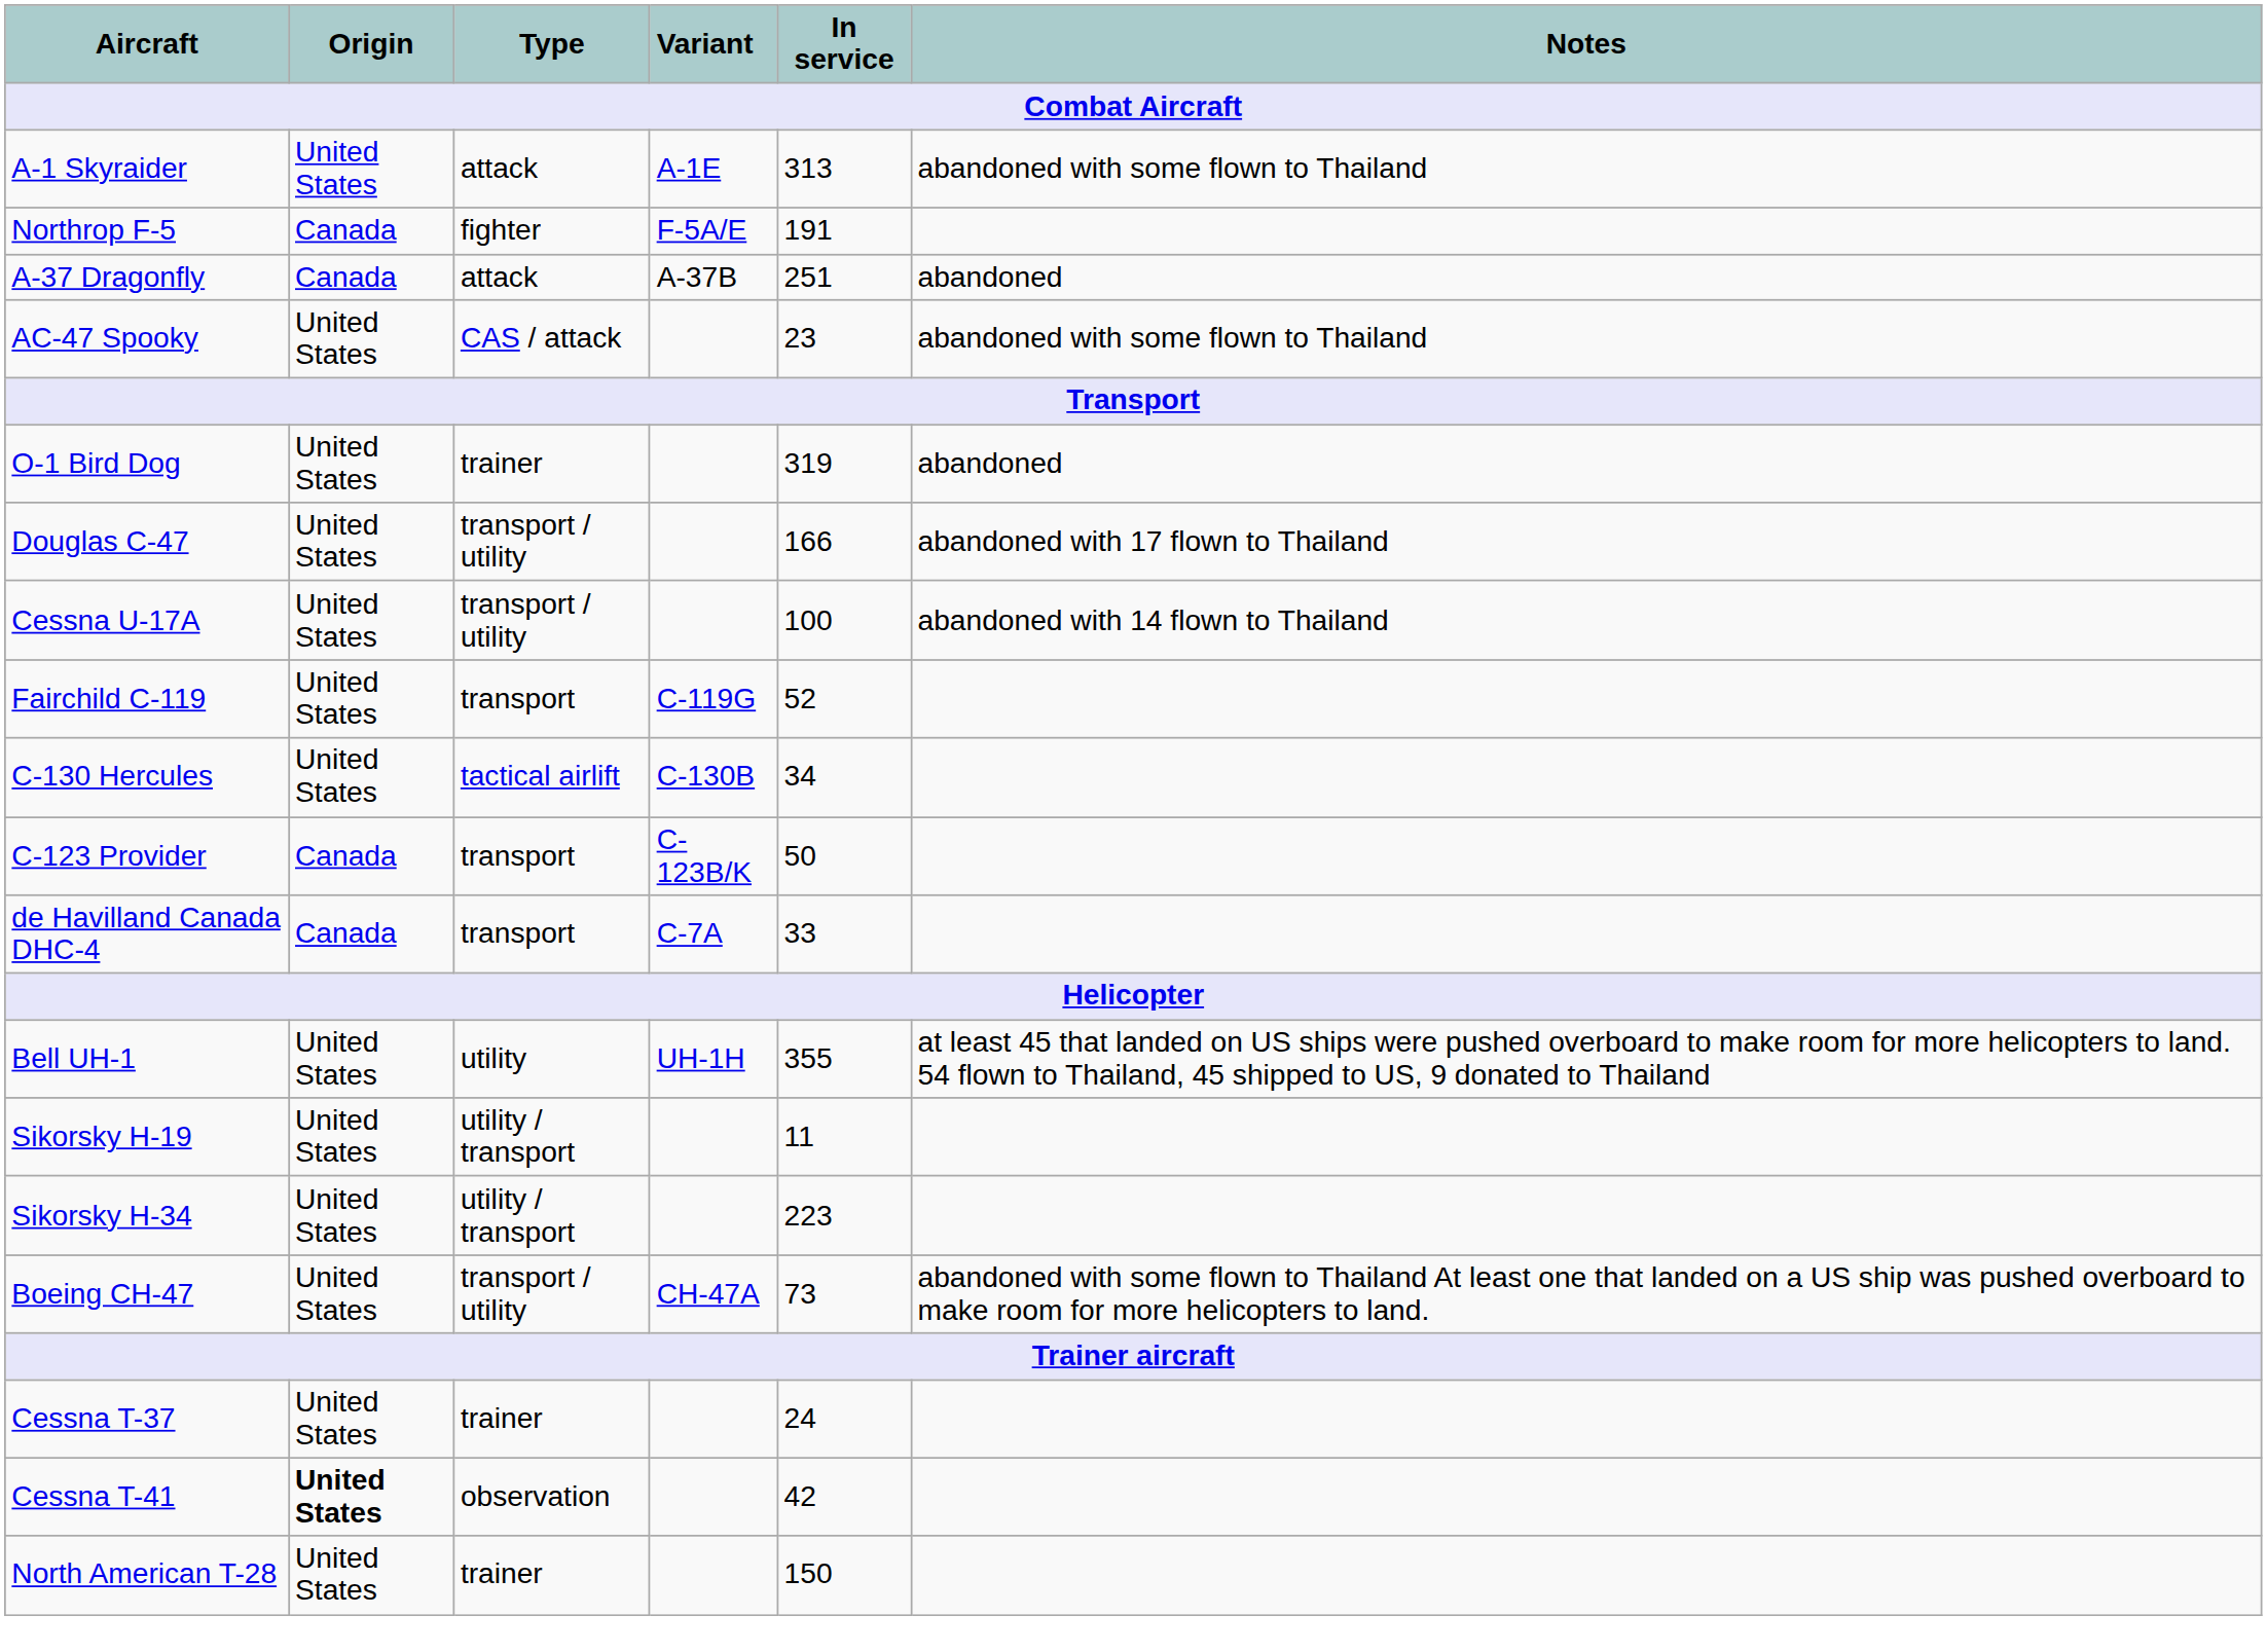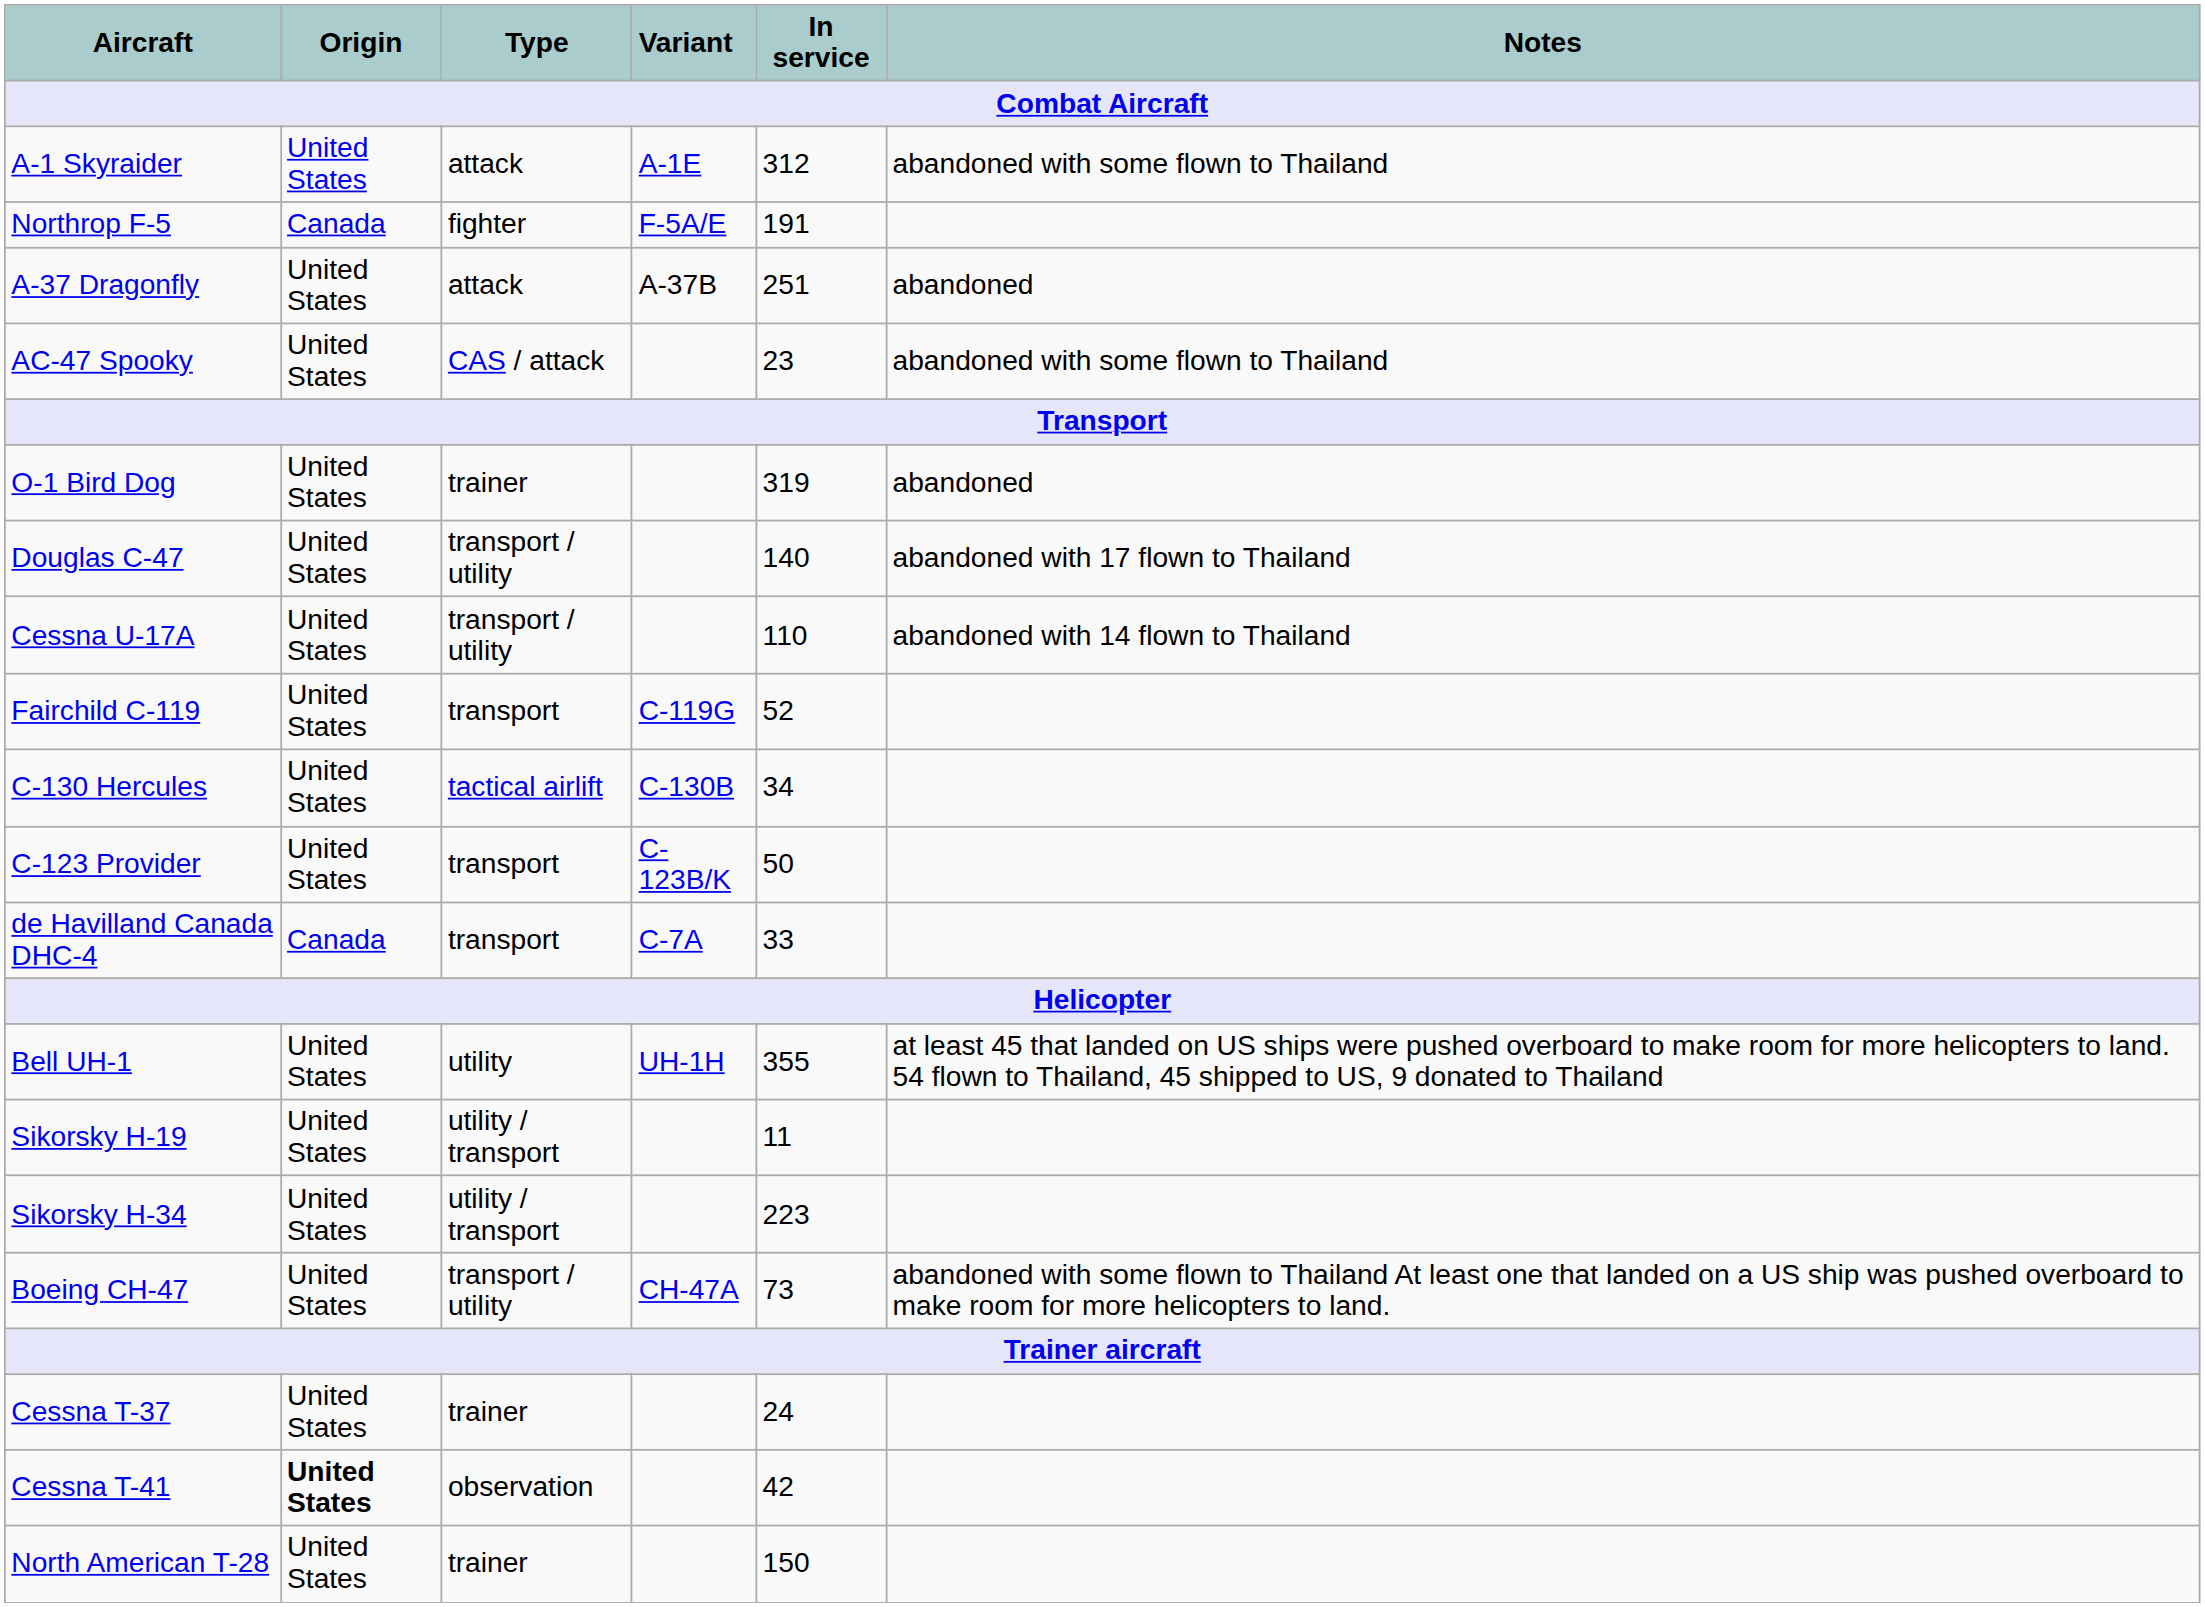 <table class="wikitable">
 <tr>
 <th style="text-align:center; background:#acc;">Aircraft</th>
 <th style="text-align: center; background:#acc;">Origin</th>
 <th style="text-align:l center; background:#acc;">Type</th>
 <th style="text-align:left; background:#acc;">Variant</th>
 <th style="text-align:center; background:#acc;">In service</th>
 <th style="text-align: center; background:#acc;">Notes</th>
 </tr>
 <tr>
 <th style="align: center; background: lavender;" colspan="7"><a href='#'>Combat Aircraft</a></th>
 </tr>
 <tr>
 <td><a href='#'>A-1 Skyraider</a></td>
 <td><a href='#'>United States</a></td>
 <td>attack</td>
 <td><a href='#'>A-1E</a></td>
-<td>313</td>
+<td>312</td>
 <td>abandoned with some flown to Thailand</td>
 </tr>
 <tr>
 <td><a href='#'>Northrop F-5</a></td>
 <td><a href='#'>Canada</a></td>
 <td>fighter</td>
 <td><a href='#'>F-5A/E</a></td>
 <td>191</td>
 <td></td>
 </tr>
 <tr>
 <td><a href='#'>A-37 Dragonfly</a></td>
-<td><a href='#'>Canada</a></td>
+<td>United States</td>
 <td>attack</td>
 <td>A-37B</td>
 <td>251</td>
 <td>abandoned</td>
 </tr>
 <tr>
 <td><a href='#'>AC-47 Spooky</a></td>
 <td>United States</td>
 <td><a href='#'>CAS</a> / attack</td>
 <td></td>
 <td>23</td>
 <td>abandoned with some flown to Thailand</td>
 </tr>
 <tr>
 <th style="align: center; background: lavender;" colspan="7"><a href='#'>Transport</a></th>
 </tr>
 <tr>
 <td><a href='#'>O-1 Bird Dog</a></td>
 <td>United States</td>
 <td>trainer</td>
 <td></td>
 <td>319</td>
 <td>abandoned</td>
 </tr>
 <tr>
 <td><a href='#'>Douglas C-47</a></td>
 <td>United States</td>
 <td>transport / utility</td>
 <td></td>
-<td>166</td>
+<td>140</td>
 <td>abandoned with 17 flown to Thailand</td>
 </tr>
 <tr>
 <td><a href='#'>Cessna U-17A</a></td>
 <td>United States</td>
 <td>transport / utility</td>
 <td></td>
-<td>100</td>
+<td>110</td>
 <td>abandoned with 14 flown to Thailand</td>
 </tr>
 <tr>
 <td><a href='#'>Fairchild C-119</a></td>
 <td>United States</td>
 <td>transport</td>
 <td><a href='#'>C-119G</a></td>
 <td>52</td>
 <td></td>
 </tr>
 <tr>
 <td><a href='#'>C-130 Hercules</a></td>
 <td>United States</td>
 <td><a href='#'>tactical airlift</a></td>
 <td><a href='#'>C-130B</a></td>
 <td>34</td>
 <td></td>
 </tr>
 <tr>
 <td><a href='#'>C-123 Provider</a></td>
-<td><a href='#'>Canada</a></td>
+<td>United States</td>
 <td>transport</td>
 <td><a href='#'>C-123B/K</a></td>
 <td>50</td>
 <td></td>
 </tr>
 <tr>
 <td><a href='#'>de Havilland Canada DHC-4</a></td>
 <td><a href='#'>Canada</a></td>
 <td>transport</td>
 <td><a href='#'>C-7A</a></td>
 <td>33</td>
 <td></td>
 </tr>
 <tr>
 <th style="align: center; background: lavender;" colspan="7"><a href='#'>Helicopter</a></th>
 </tr>
 <tr>
 <td><a href='#'>Bell UH-1</a></td>
 <td>United States</td>
 <td>utility</td>
 <td><a href='#'>UH-1H</a></td>
 <td>355</td>
 <td>at least 45 that landed on US ships were pushed overboard to make room for more helicopters to land. 54 flown to Thailand, 45 shipped to US, 9 donated to Thailand</td>
 </tr>
 <tr>
 <td><a href='#'>Sikorsky H-19</a></td>
 <td>United States</td>
 <td>utility / transport</td>
 <td></td>
 <td>11</td>
 <td></td>
 </tr>
 <tr>
 <td><a href='#'>Sikorsky H-34</a></td>
 <td>United States</td>
 <td>utility / transport</td>
 <td></td>
 <td>223</td>
 <td></td>
 </tr>
 <tr>
 <td><a href='#'>Boeing CH-47</a></td>
 <td>United States</td>
 <td>transport / utility</td>
 <td><a href='#'>CH-47A</a></td>
 <td>73</td>
 <td>abandoned with some flown to Thailand At least one that landed on a US ship was pushed overboard to make room for more helicopters to land.</td>
 </tr>
 <tr>
 <th style="align: center; background: lavender;" colspan="7"><a href='#'>Trainer aircraft</a></th>
 </tr>
 <tr>
 <td><a href='#'>Cessna T-37</a></td>
 <td>United States</td>
 <td>trainer</td>
 <td></td>
 <td>24</td>
 <td></td>
 </tr>
 <tr>
 <td><a href='#'>Cessna T-41</a></td>
 <td><strong>United States</strong></td>
 <td>observation</td>
 <td></td>
 <td>42</td>
 <td></td>
 </tr>
 <tr>
 <td><a href='#'>North American T-28</a></td>
 <td>United States</td>
 <td>trainer</td>
 <td></td>
 <td>150</td>
 <td></td>
 </tr>
 </table>
